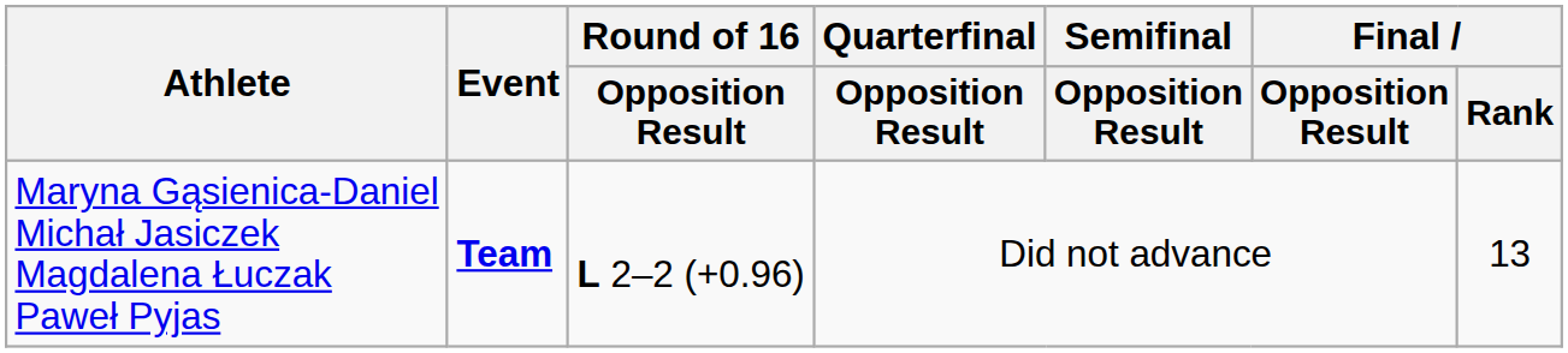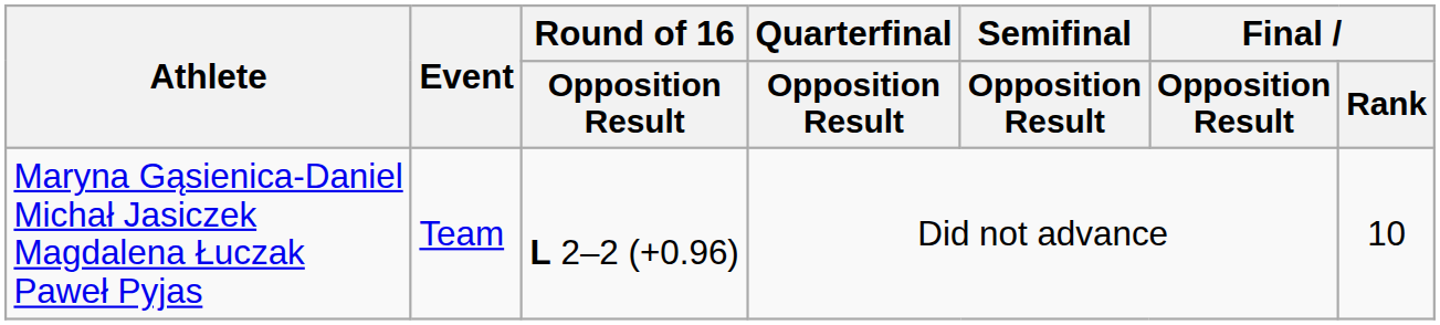 <table class="wikitable" style="font-size:90%; text-align:center">
 <tr>
 <th rowspan=2>Athlete</th>
 <th rowspan=2>Event</th>
 <th>Round of 16</th>
 <th>Quarterfinal</th>
 <th>Semifinal</th>
 <th colspan=2>Final / </th>
 </tr>
 <tr style=font-size:95%>
 <th>Opposition<br>Result</th>
 <th>Opposition<br>Result</th>
 <th>Opposition<br>Result</th>
 <th>Opposition<br>Result</th>
 <th>Rank</th>
 </tr>
 <tr>
 <td align=left><a href='#'>Maryna Gąsienica-Daniel</a><br><a href='#'>Michał Jasiczek</a><br><a href='#'>Magdalena Łuczak</a><br><a href='#'>Paweł Pyjas</a></td>
-<td align=left><strong><a href='#'>Team</a></strong></td>
+<td align=left><a href='#'>Team</a></td>
 <td><br><strong>L</strong> 2–2 (+0.96)</td>
 <td colspan=3>Did not advance</td>
-<td>13</td>
+<td>10</td>
 </tr>
 </table>
